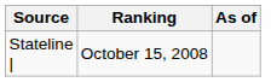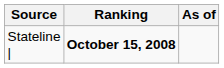 <table class="wikitable" style="text-align:center">
 <tr>
 <th>Source</th>
 <th>Ranking</th>
 <th>As of</th>
 </tr>
 <tr>
 <td style="text-align:left">Stateline<br>| </td>
-<td>October 15, 2008</td>
+<td><strong>October 15, 2008</strong></td>
 </tr>
 </table>
